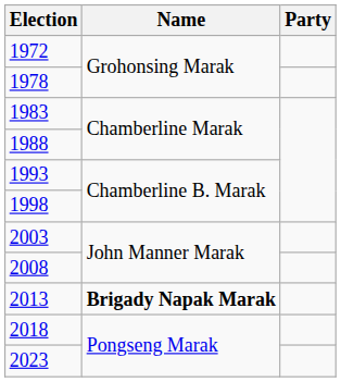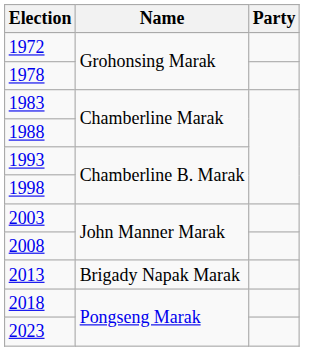 <table class="wikitable sortable">
 <tr>
 <th>Election</th>
 <th>Name</th>
 <th colspan=2>Party</th>
 </tr>
 <tr>
 <td><a href='#'>1972</a></td>
 <td rowspan=2>Grohonsing Marak</td>
 <td></td>
 </tr>
 <tr>
 <td><a href='#'>1978</a></td>
 <td></td>
 </tr>
 <tr>
 <td><a href='#'>1983</a></td>
 <td rowspan=2>Chamberline Marak</td>
 </tr>
 <tr>
 <td><a href='#'>1988</a></td>
 </tr>
 <tr>
 <td><a href='#'>1993</a></td>
 <td rowspan=2>Chamberline B. Marak</td>
 </tr>
 <tr>
 <td><a href='#'>1998</a></td>
 </tr>
 <tr>
 <td><a href='#'>2003</a></td>
 <td rowspan=2>John Manner Marak</td>
 <td></td>
 </tr>
 <tr>
 <td><a href='#'>2008</a></td>
 </tr>
 <tr>
 <td><a href='#'>2013</a></td>
-<td><strong>Brigady Napak Marak</strong></td>
+<td>Brigady Napak Marak</td>
 <td></td>
 </tr>
 <tr>
 <td><a href='#'>2018</a></td>
 <td rowspan=2><a href='#'>Pongseng Marak</a></td>
 <td></td>
 </tr>
 <tr>
 <td><a href='#'>2023</a></td>
 </tr>
 </table>
